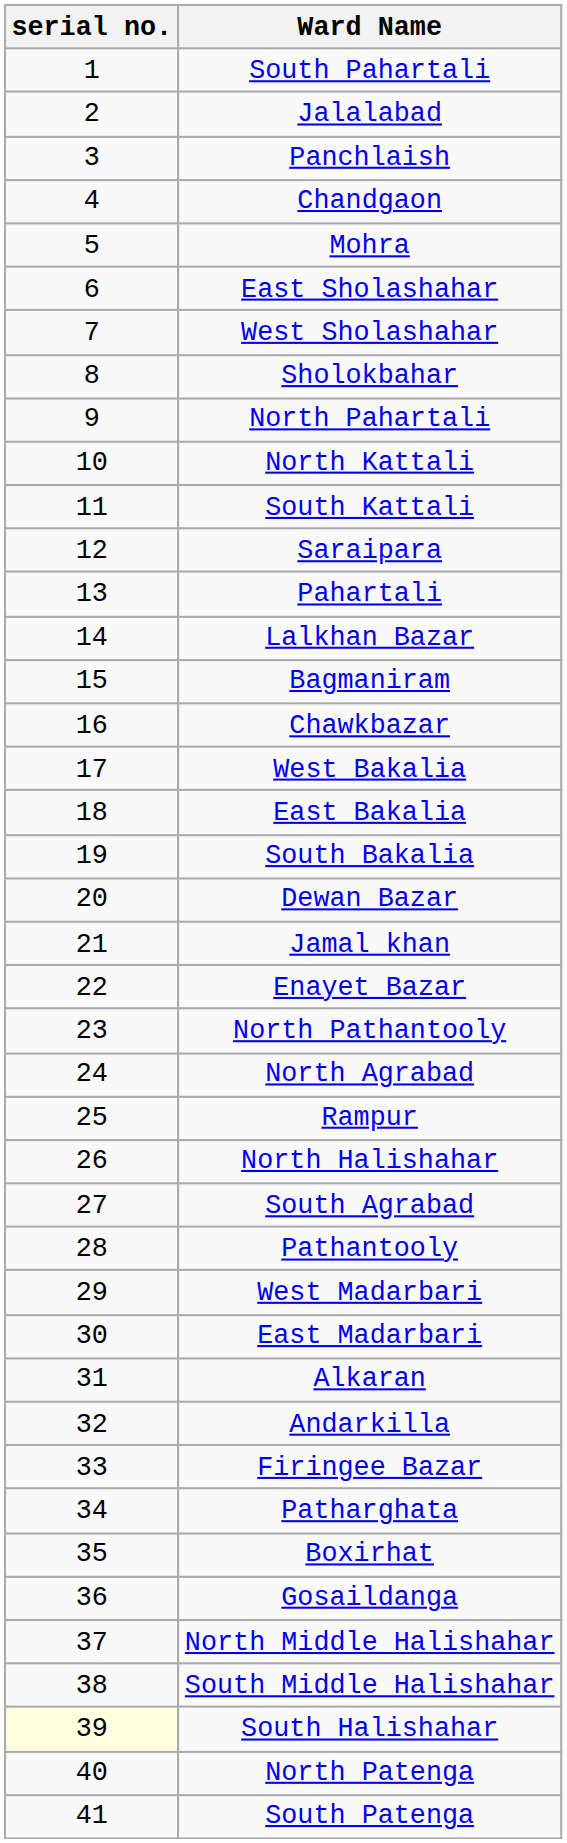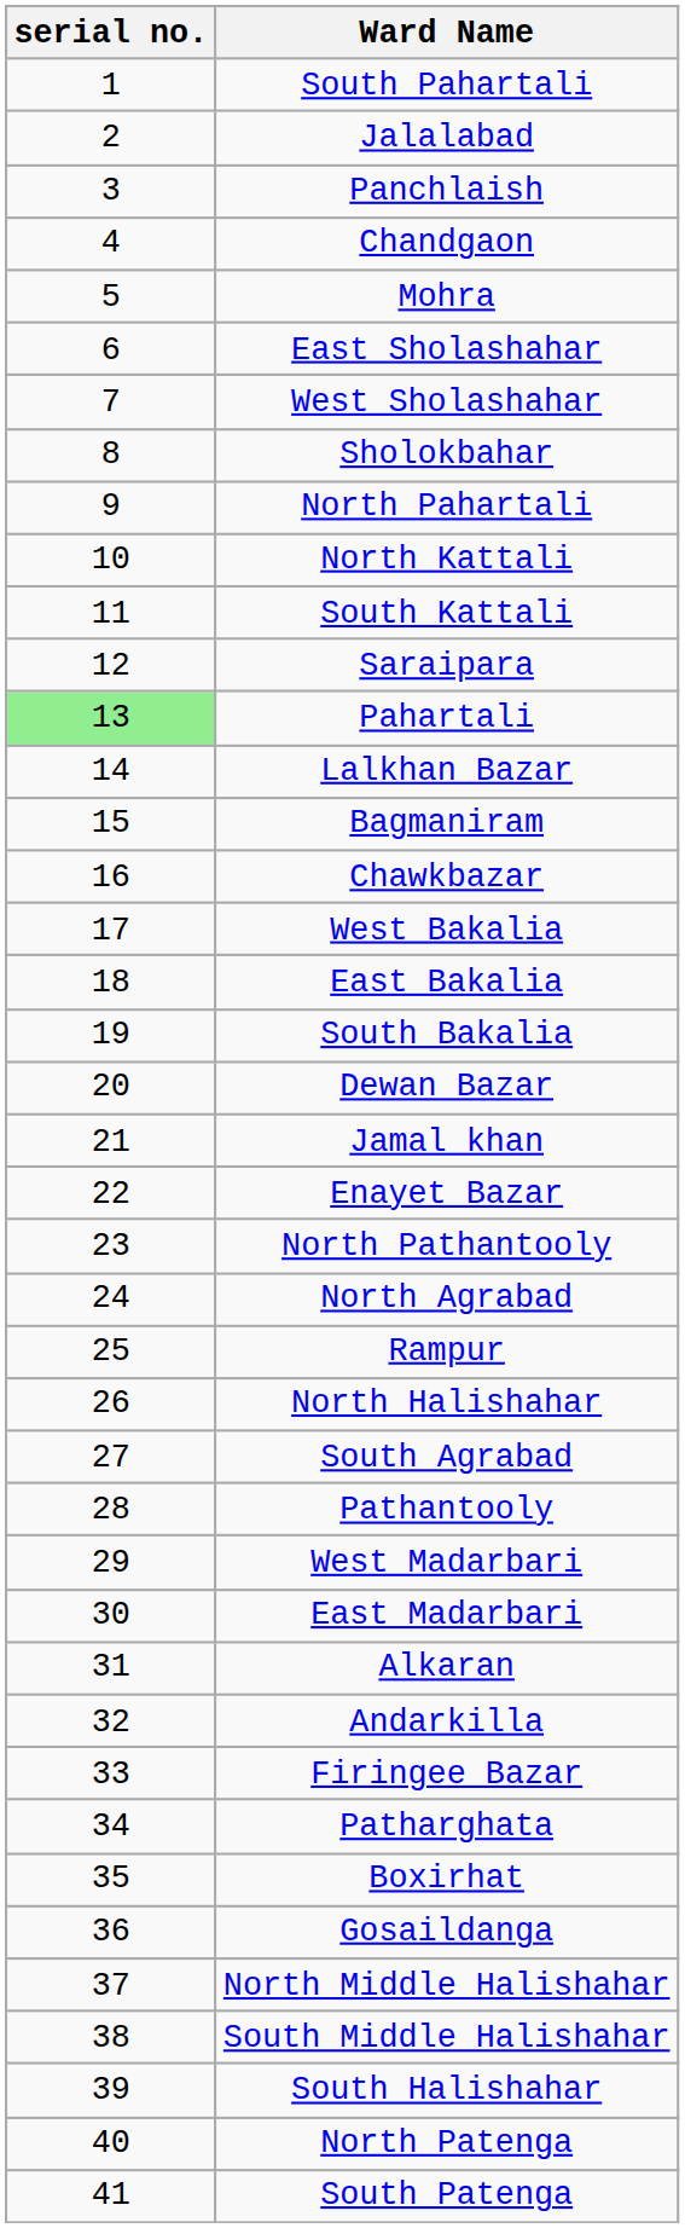 <table class="wikitable sortable" style="text-align:center;">
 <tr>
 <th>serial no.</th>
 <th>Ward Name</th>
 </tr>
 <tr>
 <td>1</td>
 <td><a href='#'>South Pahartali</a></td>
 </tr>
 <tr>
 <td>2</td>
 <td><a href='#'>Jalalabad</a></td>
 </tr>
 <tr>
 <td>3</td>
 <td><a href='#'>Panchlaish</a></td>
 </tr>
 <tr>
 <td>4</td>
 <td><a href='#'>Chandgaon</a></td>
 </tr>
 <tr>
 <td>5</td>
 <td><a href='#'>Mohra</a></td>
 </tr>
 <tr>
 <td>6</td>
 <td><a href='#'>East Sholashahar</a></td>
 </tr>
 <tr>
 <td>7</td>
 <td><a href='#'>West Sholashahar</a></td>
 </tr>
 <tr>
 <td>8</td>
 <td><a href='#'>Sholokbahar</a></td>
 </tr>
 <tr>
 <td>9</td>
 <td><a href='#'>North Pahartali</a></td>
 </tr>
 <tr>
 <td>10</td>
 <td><a href='#'>North Kattali</a></td>
 </tr>
 <tr>
 <td>11</td>
 <td><a href='#'>South Kattali</a></td>
 </tr>
 <tr>
 <td>12</td>
 <td><a href='#'>Saraipara</a></td>
 </tr>
 <tr>
-<td>13</td>
+<td style="background: lightgreen;">13</td>
 <td><a href='#'>Pahartali</a></td>
 </tr>
 <tr>
 <td>14</td>
 <td><a href='#'>Lalkhan Bazar</a></td>
 </tr>
 <tr>
 <td>15</td>
 <td><a href='#'>Bagmaniram</a></td>
 </tr>
 <tr>
 <td>16</td>
 <td><a href='#'>Chawkbazar</a></td>
 </tr>
 <tr>
 <td>17</td>
 <td><a href='#'>West Bakalia</a></td>
 </tr>
 <tr>
 <td>18</td>
 <td><a href='#'>East Bakalia</a></td>
 </tr>
 <tr>
 <td>19</td>
 <td><a href='#'>South Bakalia</a></td>
 </tr>
 <tr>
 <td>20</td>
 <td><a href='#'>Dewan Bazar</a></td>
 </tr>
 <tr>
 <td>21</td>
 <td><a href='#'>Jamal khan</a></td>
 </tr>
 <tr>
 <td>22</td>
 <td><a href='#'>Enayet Bazar</a></td>
 </tr>
 <tr>
 <td>23</td>
 <td><a href='#'>North Pathantooly</a></td>
 </tr>
 <tr>
 <td>24</td>
 <td><a href='#'>North Agrabad</a></td>
 </tr>
 <tr>
 <td>25</td>
 <td><a href='#'>Rampur</a></td>
 </tr>
 <tr>
 <td>26</td>
 <td><a href='#'>North Halishahar</a></td>
 </tr>
 <tr>
 <td>27</td>
 <td><a href='#'>South Agrabad</a></td>
 </tr>
 <tr>
 <td>28</td>
 <td><a href='#'>Pathantooly</a></td>
 </tr>
 <tr>
 <td>29</td>
 <td><a href='#'>West Madarbari</a></td>
 </tr>
 <tr>
 <td>30</td>
 <td><a href='#'>East Madarbari</a></td>
 </tr>
 <tr>
 <td>31</td>
 <td><a href='#'>Alkaran</a></td>
 </tr>
 <tr>
 <td>32</td>
 <td><a href='#'>Andarkilla</a></td>
 </tr>
 <tr>
 <td>33</td>
 <td><a href='#'>Firingee Bazar</a></td>
 </tr>
 <tr>
 <td>34</td>
 <td><a href='#'>Patharghata</a></td>
 </tr>
 <tr>
 <td>35</td>
 <td><a href='#'>Boxirhat</a></td>
 </tr>
 <tr>
 <td>36</td>
 <td><a href='#'>Gosaildanga</a></td>
 </tr>
 <tr>
 <td>37</td>
 <td><a href='#'>North Middle Halishahar</a></td>
 </tr>
 <tr>
 <td>38</td>
 <td><a href='#'>South Middle Halishahar</a></td>
 </tr>
 <tr>
-<td style="background: lightyellow;">39</td>
+<td>39</td>
 <td><a href='#'>South Halishahar</a></td>
 </tr>
 <tr>
 <td>40</td>
 <td><a href='#'>North Patenga</a></td>
 </tr>
 <tr>
 <td>41</td>
 <td><a href='#'>South Patenga</a></td>
 </tr>
 </table>
